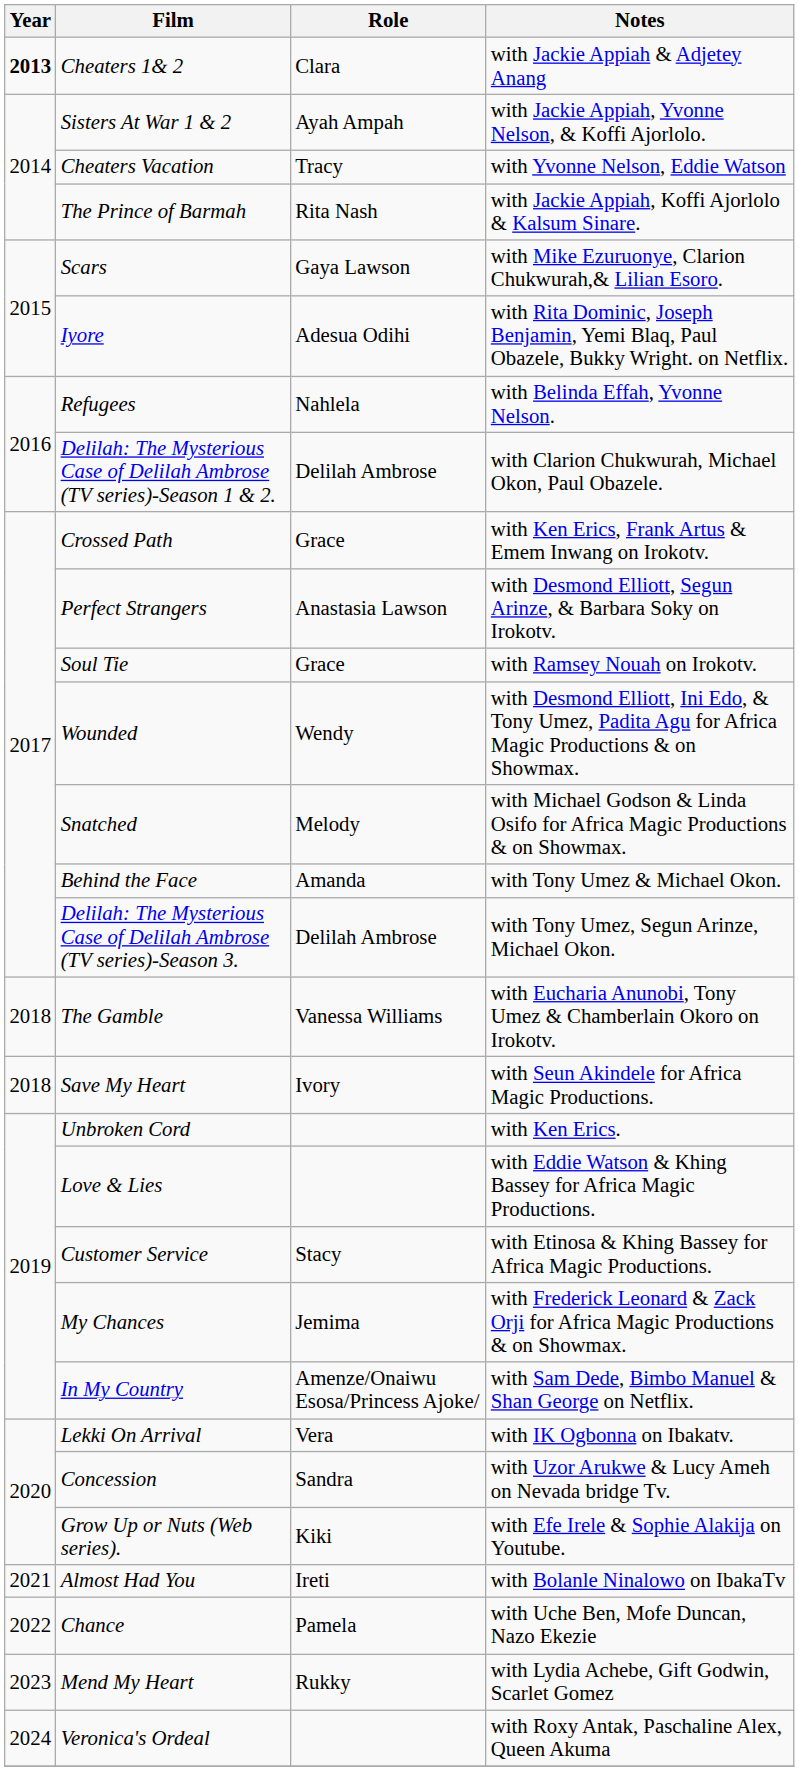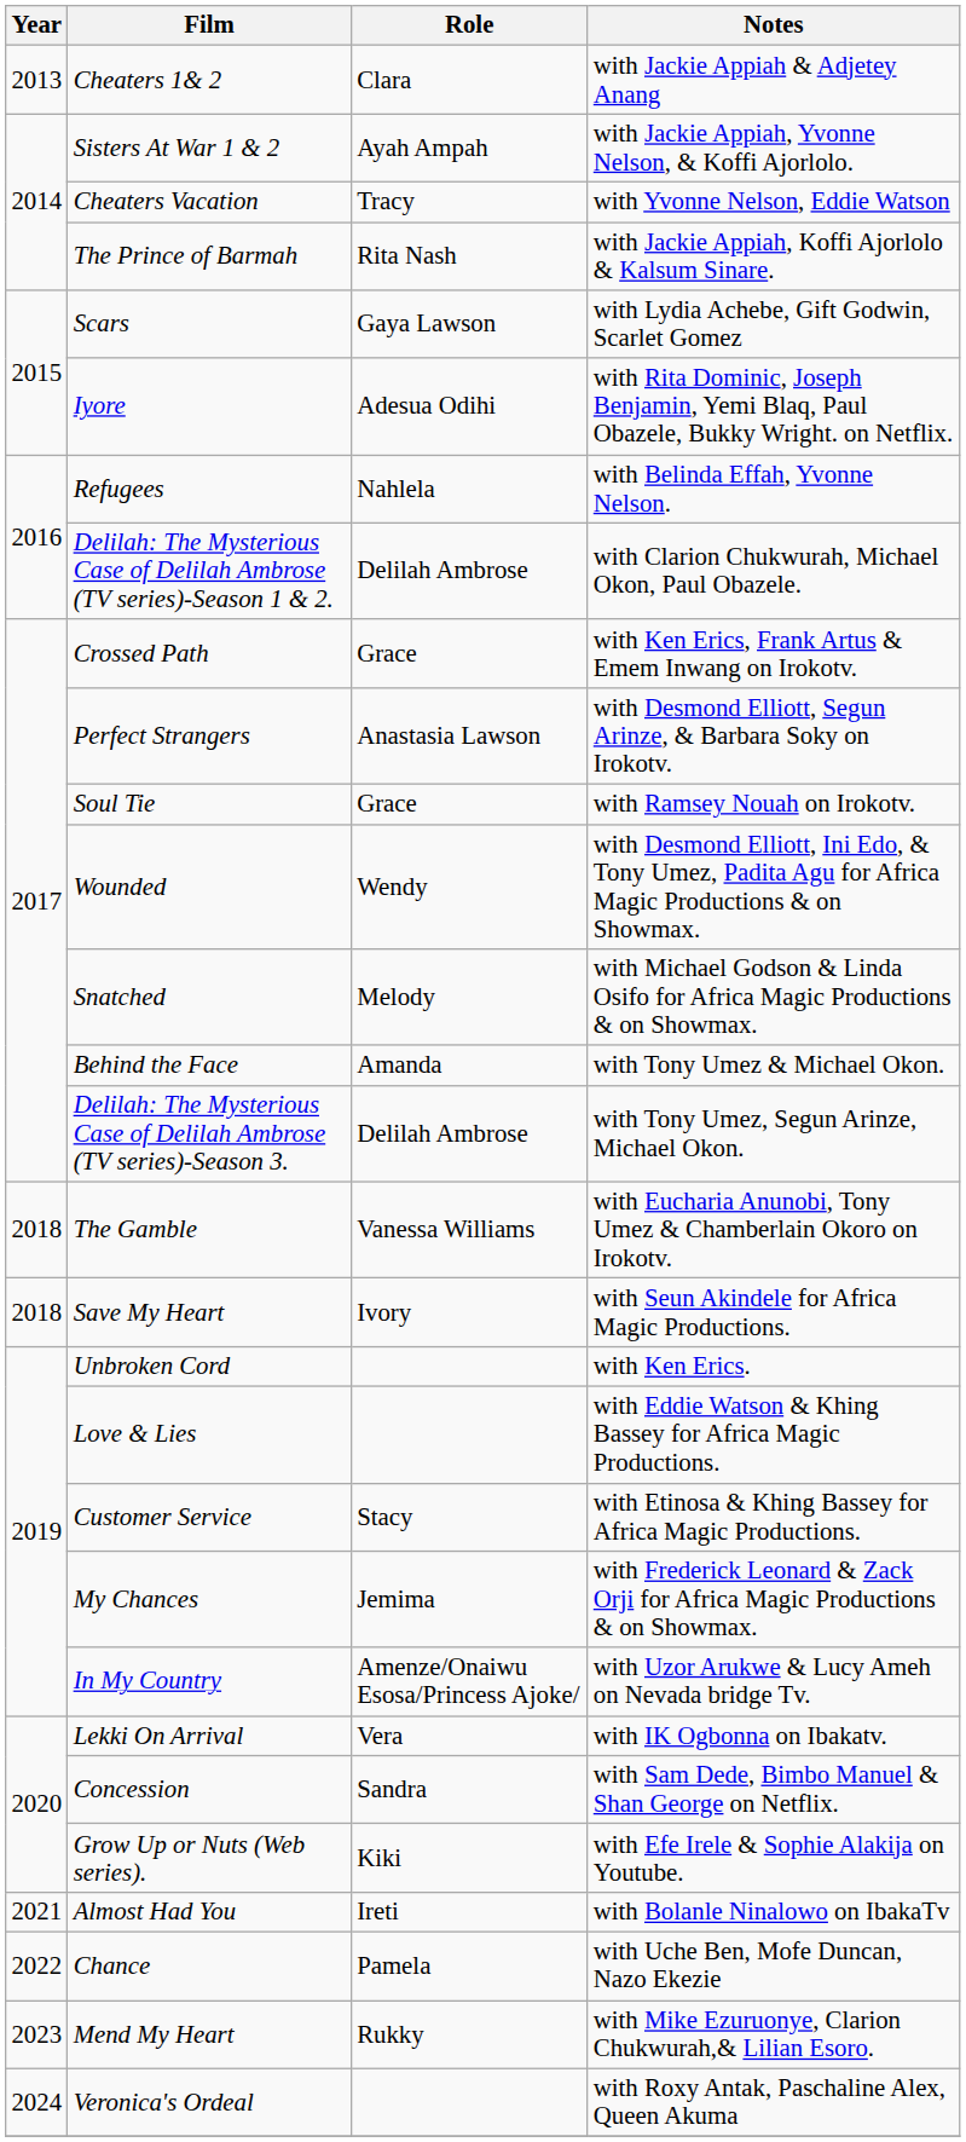 <table class="wikitable">
 <tr align="center">
 <th>Year</th>
 <th>Film</th>
 <th>Role</th>
 <th class="unsortable">Notes</th>
 </tr>
 <tr>
-<td rowspan = "1"><strong>2013</strong></td>
+<td rowspan = "1">2013</td>
 <td><em>Cheaters 1& 2</em></td>
 <td>Clara</td>
 <td>with <a href='#'>Jackie Appiah</a> & <a href='#'>Adjetey Anang</a></td>
 </tr>
 <tr>
 <td rowspan = "3">2014</td>
 <td><em>Sisters At War 1 & 2</em></td>
 <td>Ayah Ampah</td>
 <td>with <a href='#'>Jackie Appiah</a>, <a href='#'>Yvonne Nelson</a>, & Koffi Ajorlolo.</td>
 </tr>
 <tr>
 <td><em>Cheaters Vacation</em></td>
 <td>Tracy</td>
 <td>with <a href='#'>Yvonne Nelson</a>, <a href='#'>Eddie Watson</a></td>
 </tr>
 <tr>
 <td><em>The Prince of Barmah</em></td>
 <td>Rita Nash</td>
 <td>with <a href='#'>Jackie Appiah</a>, Koffi Ajorlolo & <a href='#'>Kalsum Sinare</a>.</td>
 </tr>
 <tr>
 <td rowspan = "2">2015</td>
 <td><em>Scars</em></td>
 <td>Gaya Lawson</td>
-<td>with <a href='#'>Mike Ezuruonye</a>, Clarion Chukwurah,& <a href='#'>Lilian Esoro</a>.</td>
+<td>with Lydia Achebe, Gift Godwin, Scarlet Gomez</td>
 </tr>
 <tr>
 <td><em><a href='#'>Iyore</a></em></td>
 <td>Adesua Odihi</td>
 <td>with <a href='#'>Rita Dominic</a>, <a href='#'>Joseph Benjamin</a>, Yemi Blaq, Paul Obazele, Bukky Wright. on Netflix.</td>
 </tr>
 <tr>
 <td rowspan = "2">2016</td>
 <td><em>Refugees</em></td>
 <td>Nahlela</td>
 <td>with <a href='#'>Belinda Effah</a>, <a href='#'>Yvonne Nelson</a>.</td>
 </tr>
 <tr>
 <td><em><a href='#'>Delilah: The Mysterious Case of Delilah Ambrose</a> (TV series)-Season 1 & 2.</em></td>
 <td>Delilah Ambrose</td>
 <td>with Clarion Chukwurah, Michael Okon, Paul Obazele.</td>
 </tr>
 <tr>
 <td rowspan = "7">2017</td>
 <td><em>Crossed Path</em></td>
 <td>Grace</td>
 <td>with <a href='#'>Ken Erics</a>, <a href='#'>Frank Artus</a> & Emem Inwang on Irokotv.</td>
 </tr>
 <tr>
 <td><em>Perfect Strangers</em></td>
 <td>Anastasia Lawson</td>
 <td>with <a href='#'>Desmond Elliott</a>, <a href='#'>Segun Arinze</a>, & Barbara Soky on Irokotv.</td>
 </tr>
 <tr>
 <td><em>Soul Tie</em></td>
 <td>Grace</td>
 <td>with <a href='#'>Ramsey Nouah</a> on Irokotv.</td>
 </tr>
 <tr>
 <td><em>Wounded</em></td>
 <td>Wendy</td>
 <td>with <a href='#'>Desmond Elliott</a>, <a href='#'>Ini Edo</a>, & Tony Umez, <a href='#'>Padita Agu</a> for Africa Magic Productions & on Showmax.</td>
 </tr>
 <tr>
 <td><em>Snatched</em></td>
 <td>Melody</td>
 <td>with Michael Godson & Linda Osifo for Africa Magic Productions & on Showmax.</td>
 </tr>
 <tr>
 <td><em>Behind the Face</em></td>
 <td>Amanda</td>
 <td>with Tony Umez & Michael Okon.</td>
 </tr>
 <tr>
 <td><em><a href='#'>Delilah: The Mysterious Case of Delilah Ambrose</a> (TV series)-Season 3.</em></td>
 <td>Delilah Ambrose</td>
 <td>with Tony Umez, Segun Arinze, Michael Okon.</td>
 </tr>
 <tr>
 <td>2018</td>
 <td><em>The Gamble</em></td>
 <td>Vanessa Williams</td>
 <td>with <a href='#'>Eucharia Anunobi</a>, Tony Umez & Chamberlain Okoro on Irokotv.</td>
 </tr>
 <tr>
 <td>2018</td>
 <td><em>Save My Heart</em></td>
 <td>Ivory</td>
 <td>with <a href='#'>Seun Akindele</a> for Africa Magic Productions.</td>
 </tr>
 <tr>
 <td rowspan = "5">2019</td>
 <td><em>Unbroken Cord</em></td>
 <td></td>
 <td>with <a href='#'>Ken Erics</a>.</td>
 </tr>
 <tr>
 <td><em>Love & Lies</em></td>
 <td></td>
 <td>with <a href='#'>Eddie Watson</a> & Khing Bassey for Africa Magic Productions.</td>
 </tr>
 <tr>
 <td><em>Customer Service</em></td>
 <td>Stacy</td>
 <td>with Etinosa & Khing Bassey for Africa Magic Productions.</td>
 </tr>
 <tr>
 <td><em>My Chances</em></td>
 <td>Jemima</td>
 <td>with <a href='#'>Frederick Leonard</a> & <a href='#'>Zack Orji</a> for Africa Magic Productions & on Showmax.</td>
 </tr>
 <tr>
 <td><em><a href='#'>In My Country</a></em></td>
 <td>Amenze/Onaiwu Esosa/Princess Ajoke/</td>
-<td>with <a href='#'>Sam Dede</a>, <a href='#'>Bimbo Manuel</a> & <a href='#'>Shan George</a> on Netflix.</td>
+<td>with <a href='#'>Uzor Arukwe</a> & Lucy Ameh on Nevada bridge Tv.</td>
 </tr>
 <tr>
 <td rowspan = "3">2020</td>
 <td><em>Lekki On Arrival</em></td>
 <td>Vera</td>
 <td>with <a href='#'>IK Ogbonna</a> on Ibakatv.</td>
 </tr>
 <tr>
 <td><em>Concession</em></td>
 <td>Sandra</td>
-<td>with <a href='#'>Uzor Arukwe</a> & Lucy Ameh on Nevada bridge Tv.</td>
+<td>with <a href='#'>Sam Dede</a>, <a href='#'>Bimbo Manuel</a> & <a href='#'>Shan George</a> on Netflix.</td>
 </tr>
 <tr>
 <td><em>Grow Up or Nuts (Web series).</em></td>
 <td>Kiki</td>
 <td>with <a href='#'>Efe Irele</a> & <a href='#'>Sophie Alakija</a> on Youtube.</td>
 </tr>
 <tr>
 <td rowspan = "1">2021</td>
 <td><em>Almost Had You</em></td>
 <td>Ireti</td>
 <td>with <a href='#'>Bolanle Ninalowo</a> on IbakaTv</td>
 </tr>
 <tr>
 <td>2022</td>
 <td><em>Chance</em></td>
 <td>Pamela</td>
 <td>with Uche Ben, Mofe Duncan, Nazo Ekezie</td>
 </tr>
 <tr>
 <td>2023</td>
 <td><em>Mend My Heart</em></td>
 <td>Rukky</td>
-<td>with Lydia Achebe, Gift Godwin, Scarlet Gomez</td>
+<td>with <a href='#'>Mike Ezuruonye</a>, Clarion Chukwurah,& <a href='#'>Lilian Esoro</a>.</td>
 </tr>
 <tr>
 <td>2024</td>
 <td><em>Veronica's Ordeal</em></td>
 <td></td>
 <td>with Roxy Antak, Paschaline Alex, Queen Akuma</td>
 </tr>
 <tr>
 </tr>
 </table>
